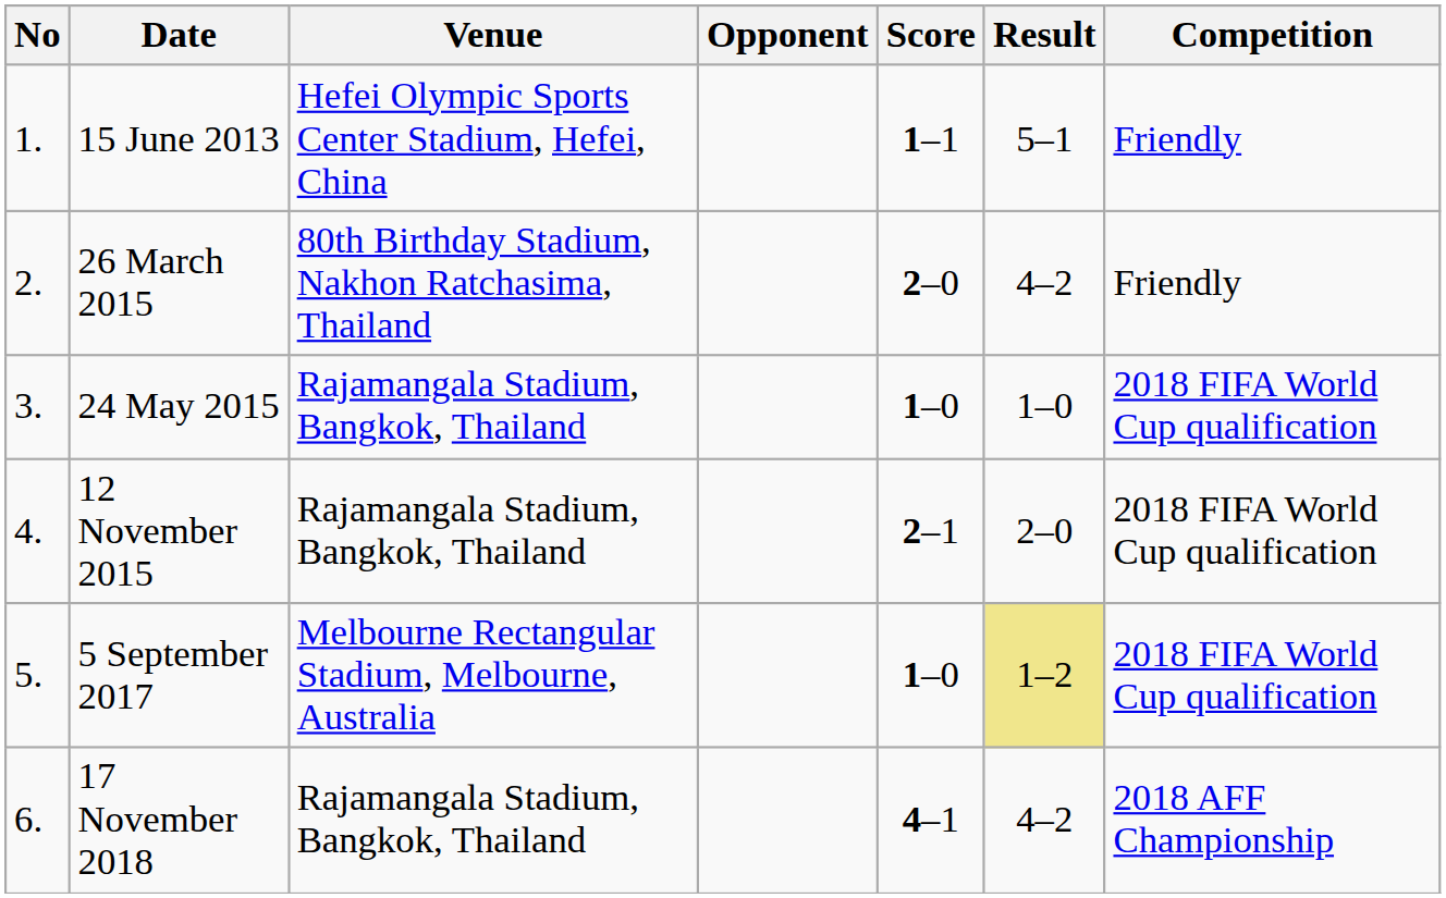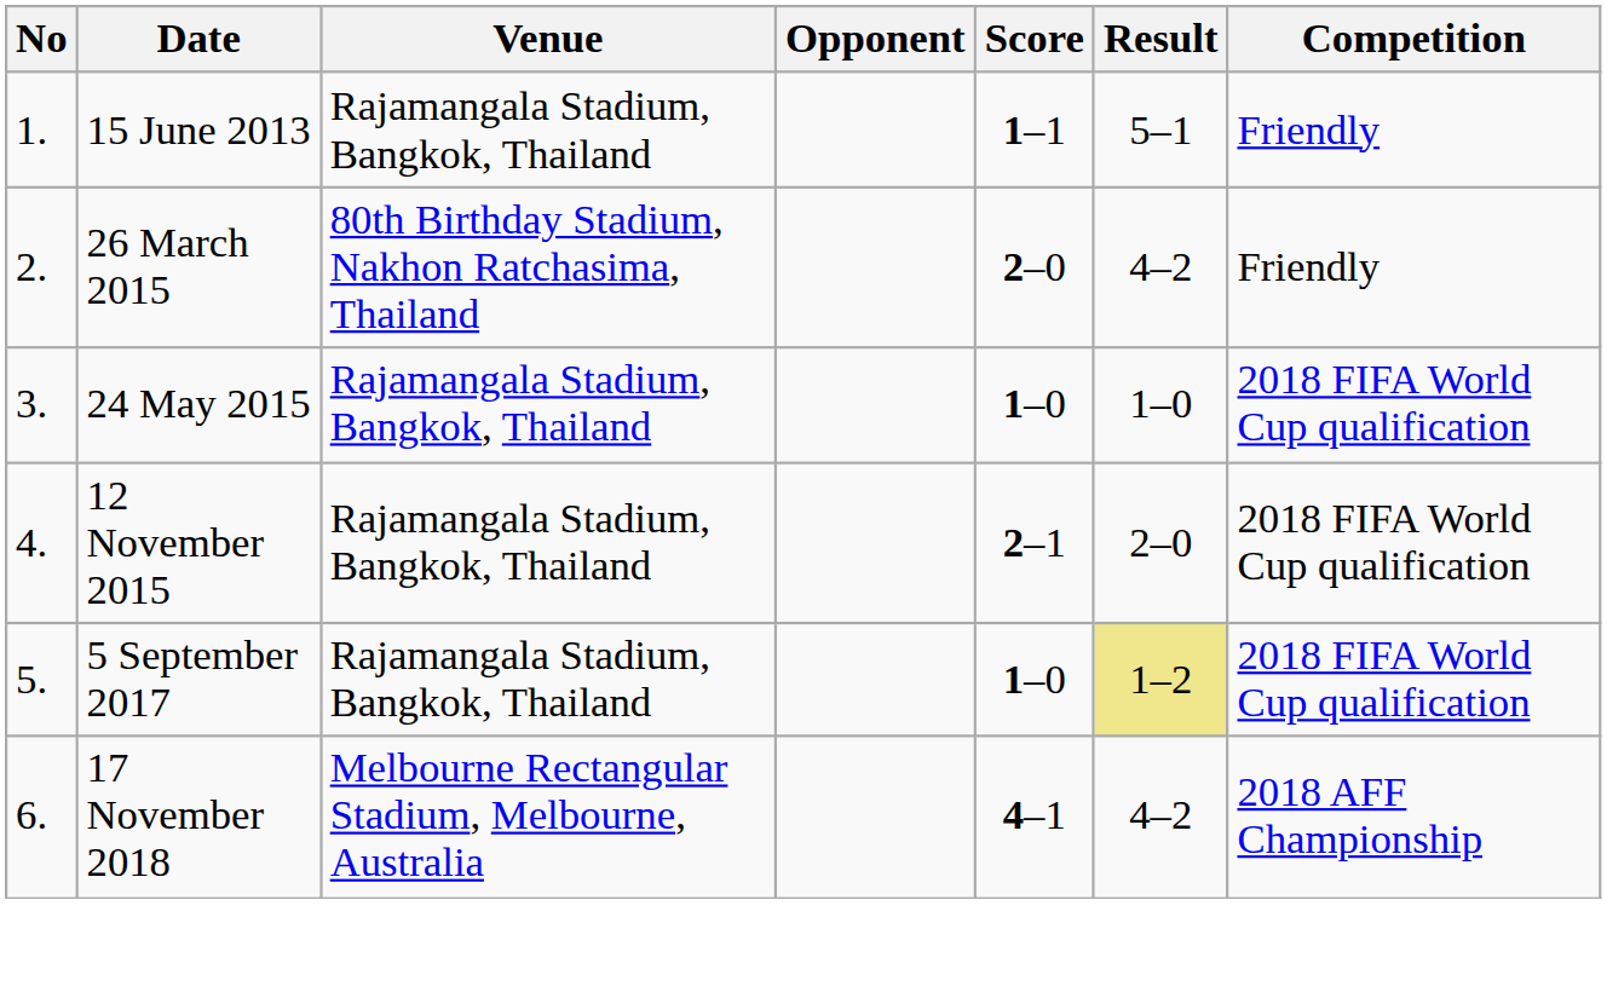 <table class="wikitable">
 <tr>
 <th>No</th>
 <th>Date</th>
 <th>Venue</th>
 <th>Opponent</th>
 <th>Score</th>
 <th>Result</th>
 <th>Competition</th>
 </tr>
 <tr>
 <td>1.</td>
 <td>15 June 2013</td>
-<td><a href='#'>Hefei Olympic Sports Center Stadium</a>, <a href='#'>Hefei</a>, <a href='#'>China</a></td>
+<td>Rajamangala Stadium, Bangkok, Thailand</td>
 <td></td>
 <td align=center><strong>1</strong>–1</td>
 <td align=center>5–1</td>
 <td><a href='#'>Friendly</a></td>
 </tr>
 <tr>
 <td>2.</td>
 <td>26 March 2015</td>
 <td><a href='#'>80th Birthday Stadium</a>, <a href='#'>Nakhon Ratchasima</a>, <a href='#'>Thailand</a></td>
 <td></td>
 <td align=center><strong>2</strong>–0</td>
 <td align=center>4–2</td>
 <td>Friendly</td>
 </tr>
 <tr>
 <td>3.</td>
 <td>24 May 2015</td>
 <td><a href='#'>Rajamangala Stadium</a>, <a href='#'>Bangkok</a>, <a href='#'>Thailand</a></td>
 <td></td>
 <td align=center><strong>1</strong>–0</td>
 <td align=center>1–0</td>
 <td><a href='#'>2018 FIFA World Cup qualification</a></td>
 </tr>
 <tr>
 <td>4.</td>
 <td>12 November 2015</td>
 <td>Rajamangala Stadium, Bangkok, Thailand</td>
 <td></td>
 <td align=center><strong>2</strong>–1</td>
 <td align=center>2–0</td>
 <td>2018 FIFA World Cup qualification</td>
 </tr>
 <tr>
 <td>5.</td>
 <td>5 September 2017</td>
-<td><a href='#'>Melbourne Rectangular Stadium</a>, <a href='#'>Melbourne</a>, <a href='#'>Australia</a></td>
+<td>Rajamangala Stadium, Bangkok, Thailand</td>
 <td></td>
 <td align=center><strong>1</strong>–0</td>
 <td align=center style="background: khaki;">1–2</td>
 <td><a href='#'>2018 FIFA World Cup qualification</a></td>
 </tr>
 <tr>
 <td>6.</td>
 <td>17 November 2018</td>
-<td>Rajamangala Stadium, Bangkok, Thailand</td>
+<td><a href='#'>Melbourne Rectangular Stadium</a>, <a href='#'>Melbourne</a>, <a href='#'>Australia</a></td>
 <td></td>
 <td align=center><strong>4</strong>–1</td>
 <td align=center>4–2</td>
 <td><a href='#'>2018 AFF Championship</a></td>
 </tr>
 <tr>
 </tr>
 </table>
